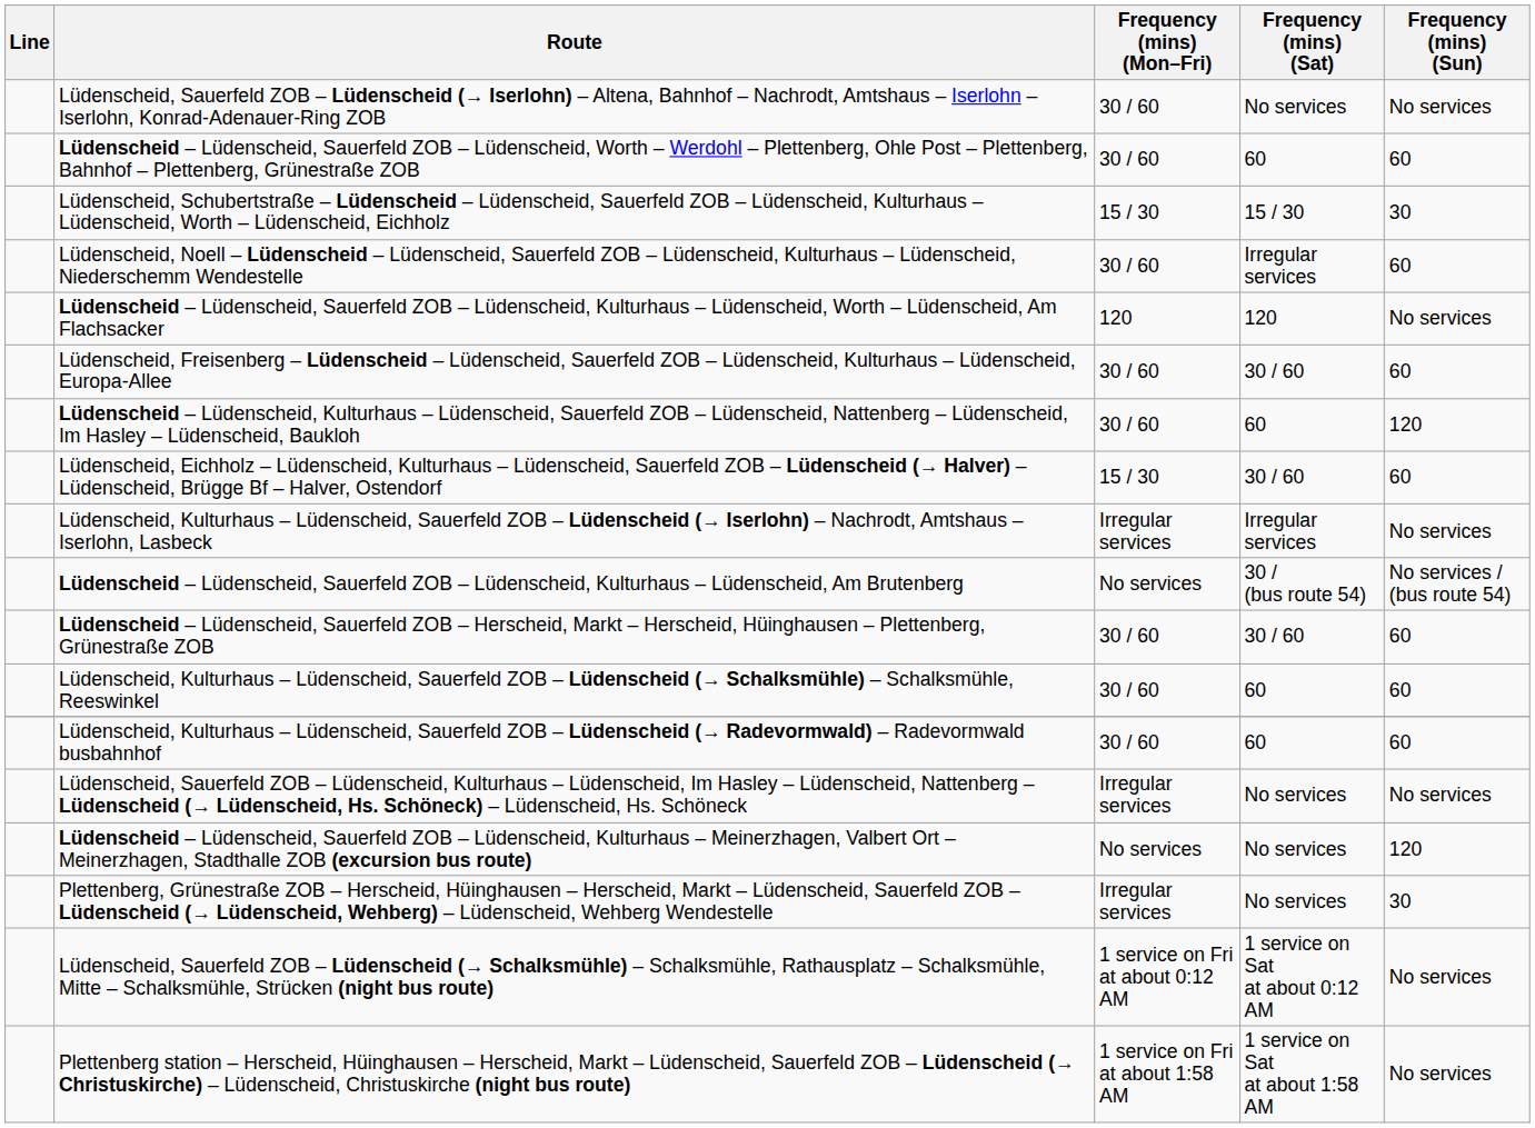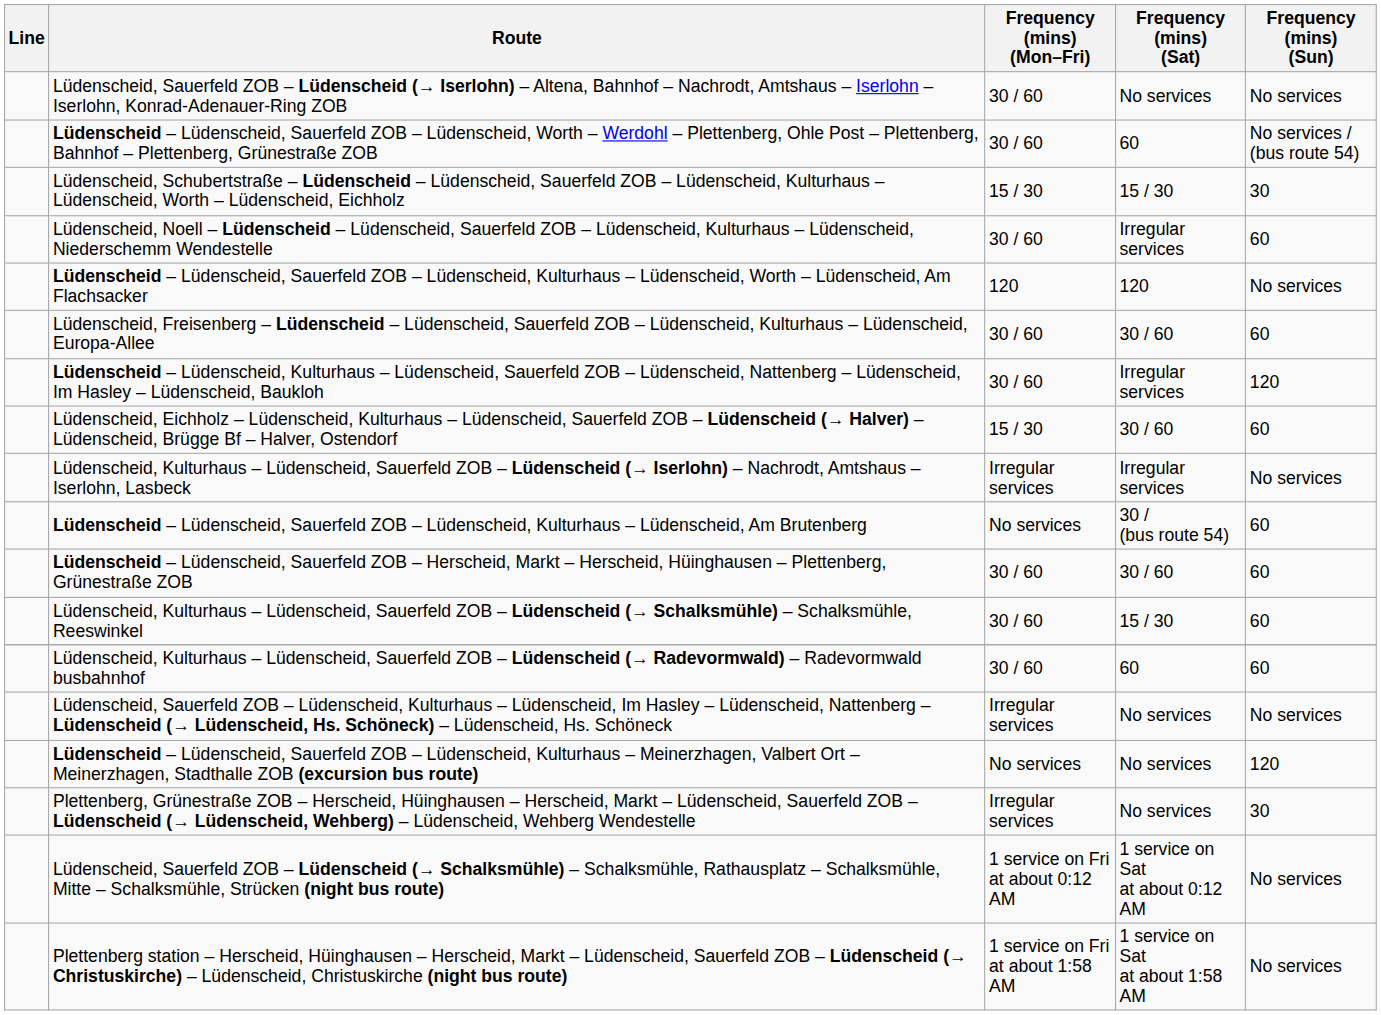 <table class="wikitable">
 <tr class="hintergrundfarbe5">
 <th>Line</th>
 <th>Route</th>
 <th>Frequency (mins)<br>(Mon–Fri)</th>
 <th>Frequency (mins)<br>(Sat)</th>
 <th>Frequency (mins)<br>(Sun)</th>
 </tr>
 <tr>
 <td></td>
 <td>Lüdenscheid, Sauerfeld ZOB – <strong>Lüdenscheid (→ Iserlohn)</strong> – Altena, Bahnhof – Nachrodt, Amtshaus – <a href='#'>Iserlohn</a> – Iserlohn, Konrad-Adenauer-Ring ZOB</td>
 <td>30 / 60</td>
 <td>No services</td>
 <td>No services</td>
 </tr>
 <tr>
 <td></td>
 <td><strong>Lüdenscheid</strong> – Lüdenscheid, Sauerfeld ZOB – Lüdenscheid, Worth – <a href='#'>Werdohl</a> – Plettenberg, Ohle Post – Plettenberg, Bahnhof – Plettenberg, Grünestraße ZOB</td>
 <td>30 / 60</td>
 <td>60</td>
-<td>60</td>
+<td>No services /<br>(bus route 54)</td>
 </tr>
 <tr>
 <td></td>
 <td>Lüdenscheid, Schubertstraße – <strong>Lüdenscheid</strong> – Lüdenscheid, Sauerfeld ZOB – Lüdenscheid, Kulturhaus – Lüdenscheid, Worth – Lüdenscheid, Eichholz</td>
 <td>15 / 30</td>
 <td>15 / 30</td>
 <td>30</td>
 </tr>
 <tr>
 <td></td>
 <td>Lüdenscheid, Noell – <strong>Lüdenscheid</strong> – Lüdenscheid, Sauerfeld ZOB – Lüdenscheid, Kulturhaus – Lüdenscheid, Niederschemm Wendestelle</td>
 <td>30 / 60</td>
 <td>Irregular services</td>
 <td>60</td>
 </tr>
 <tr>
 <td></td>
 <td><strong>Lüdenscheid</strong> – Lüdenscheid, Sauerfeld ZOB – Lüdenscheid, Kulturhaus – Lüdenscheid, Worth – Lüdenscheid, Am Flachsacker</td>
 <td>120</td>
 <td>120</td>
 <td>No services</td>
 </tr>
 <tr>
 <td></td>
 <td>Lüdenscheid, Freisenberg – <strong>Lüdenscheid</strong> – Lüdenscheid, Sauerfeld ZOB – Lüdenscheid, Kulturhaus – Lüdenscheid, Europa-Allee</td>
 <td>30 / 60</td>
 <td>30 / 60</td>
 <td>60</td>
 </tr>
 <tr>
 <td></td>
 <td><strong>Lüdenscheid</strong> – Lüdenscheid, Kulturhaus – Lüdenscheid, Sauerfeld ZOB – Lüdenscheid, Nattenberg – Lüdenscheid, Im Hasley – Lüdenscheid, Baukloh</td>
 <td>30 / 60</td>
-<td>60</td>
+<td>Irregular services</td>
 <td>120</td>
 </tr>
 <tr>
 <td></td>
 <td>Lüdenscheid, Eichholz – Lüdenscheid, Kulturhaus – Lüdenscheid, Sauerfeld ZOB – <strong>Lüdenscheid (→ Halver)</strong> – Lüdenscheid, Brügge Bf – Halver, Ostendorf</td>
 <td>15 / 30</td>
 <td>30 / 60</td>
 <td>60</td>
 </tr>
 <tr>
 <td></td>
 <td>Lüdenscheid, Kulturhaus – Lüdenscheid, Sauerfeld ZOB – <strong>Lüdenscheid (→ Iserlohn)</strong> – Nachrodt, Amtshaus – Iserlohn, Lasbeck</td>
 <td>Irregular services</td>
 <td>Irregular services</td>
 <td>No services</td>
 </tr>
 <tr>
 <td></td>
 <td><strong>Lüdenscheid</strong> – Lüdenscheid, Sauerfeld ZOB – Lüdenscheid, Kulturhaus – Lüdenscheid, Am Brutenberg</td>
 <td>No services</td>
 <td>30 /<br>(bus route 54)</td>
-<td>No services /<br>(bus route 54)</td>
+<td>60</td>
 </tr>
 <tr>
 <td></td>
 <td><strong>Lüdenscheid</strong> – Lüdenscheid, Sauerfeld ZOB – Herscheid, Markt – Herscheid, Hüinghausen – Plettenberg, Grünestraße ZOB</td>
 <td>30 / 60</td>
 <td>30 / 60</td>
 <td>60</td>
 </tr>
 <tr>
 <td></td>
 <td>Lüdenscheid, Kulturhaus – Lüdenscheid, Sauerfeld ZOB – <strong>Lüdenscheid (→ Schalksmühle)</strong> – Schalksmühle, Reeswinkel</td>
 <td>30 / 60</td>
-<td>60</td>
+<td>15 / 30</td>
 <td>60</td>
 </tr>
 <tr>
 </tr>
 <tr>
 <td></td>
 <td>Lüdenscheid, Kulturhaus – Lüdenscheid, Sauerfeld ZOB – <strong>Lüdenscheid (→ Radevormwald)</strong> – Radevormwald busbahnhof</td>
 <td>30 / 60</td>
 <td>60</td>
 <td>60</td>
 </tr>
 <tr>
 <td></td>
 <td>Lüdenscheid, Sauerfeld ZOB – Lüdenscheid, Kulturhaus – Lüdenscheid, Im Hasley – Lüdenscheid, Nattenberg – <strong>Lüdenscheid (→ Lüdenscheid, Hs. Schöneck)</strong> – Lüdenscheid, Hs. Schöneck</td>
 <td>Irregular services</td>
 <td>No services</td>
 <td>No services</td>
 </tr>
 <tr>
 <td></td>
 <td><strong>Lüdenscheid</strong> – Lüdenscheid, Sauerfeld ZOB – Lüdenscheid, Kulturhaus – Meinerzhagen, Valbert Ort – Meinerzhagen, Stadthalle ZOB <strong>(excursion bus route)</strong></td>
 <td>No services</td>
 <td>No services</td>
 <td>120</td>
 </tr>
 <tr>
 <td></td>
 <td>Plettenberg, Grünestraße ZOB – Herscheid, Hüinghausen – Herscheid, Markt – Lüdenscheid, Sauerfeld ZOB – <strong>Lüdenscheid (→ Lüdenscheid, Wehberg)</strong> – Lüdenscheid, Wehberg Wendestelle</td>
 <td>Irregular services</td>
 <td>No services</td>
 <td>30</td>
 </tr>
 <tr>
 <td></td>
 <td>Lüdenscheid, Sauerfeld ZOB – <strong>Lüdenscheid (→ Schalksmühle)</strong> – Schalksmühle, Rathausplatz – Schalksmühle, Mitte – Schalksmühle, Strücken <strong>(night bus route)</strong></td>
 <td>1 service on Fri<br>at about 0:12 AM</td>
 <td>1 service on Sat<br>at about 0:12 AM</td>
 <td>No services</td>
 </tr>
 <tr>
 <td></td>
 <td>Plettenberg station – Herscheid, Hüinghausen – Herscheid, Markt – Lüdenscheid, Sauerfeld ZOB – <strong>Lüdenscheid (→ Christuskirche)</strong> – Lüdenscheid, Christuskirche <strong>(night bus route)</strong></td>
 <td>1 service on Fri<br>at about 1:58 AM</td>
 <td>1 service on Sat<br>at about 1:58 AM</td>
 <td>No services</td>
 </tr>
 </table>
